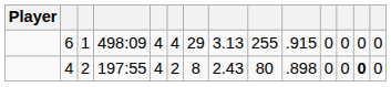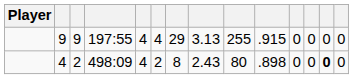 <table class="wikitable sortable" style="text-align:center;">
 <tr>
 <th>Player</th>
 <th></th>
 <th></th>
 <th></th>
 <th></th>
 <th></th>
 <th></th>
 <th></th>
 <th></th>
 <th></th>
 <th></th>
 <th></th>
 <th></th>
 <th></th>
 </tr>
 <tr>
 <td></td>
-<td>6</td>
-<td>1</td>
-<td>498:09</td>
+<td>9</td>
+<td>9</td>
+<td>197:55</td>
 <td>4</td>
 <td>4</td>
 <td>29</td>
 <td>3.13</td>
 <td>255</td>
 <td>.915</td>
 <td>0</td>
 <td>0</td>
 <td>0</td>
 <td>0</td>
 </tr>
 <tr>
 <td></td>
 <td>4</td>
 <td>2</td>
-<td>197:55</td>
+<td>498:09</td>
 <td>4</td>
 <td>2</td>
 <td>8</td>
 <td>2.43</td>
 <td>80</td>
 <td>.898</td>
 <td>0</td>
 <td>0</td>
 <td><strong>0</strong></td>
 <td>0</td>
 </tr>
 </table>
